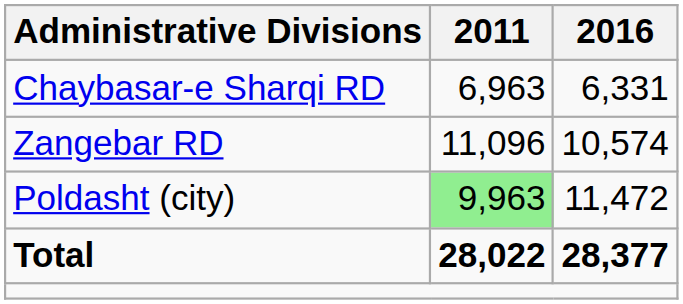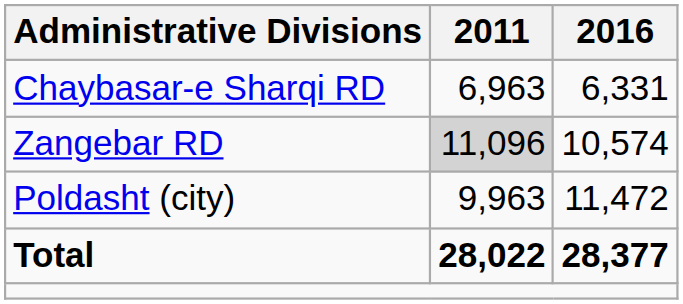 <table class="wikitable">
 <tr>
 <th>Administrative Divisions</th>
 <th>2011</th>
 <th>2016</th>
 </tr>
 <tr>
 <td><a href='#'>Chaybasar-e Sharqi RD</a></td>
 <td style="text-align: right;">6,963</td>
 <td style="text-align: right;">6,331</td>
 </tr>
 <tr>
 <td><a href='#'>Zangebar RD</a></td>
-<td style="text-align: right;">11,096</td>
+<td style="background: lightgrey; text-align: right;">11,096</td>
 <td style="text-align: right;">10,574</td>
 </tr>
 <tr>
 <td><a href='#'>Poldasht</a> (city)</td>
-<td style="background: lightgreen; text-align: right;">9,963</td>
+<td style="text-align: right;">9,963</td>
 <td style="text-align: right;">11,472</td>
 </tr>
 <tr>
 <td><strong>Total</strong></td>
 <td style="text-align: right;"><strong>28,022</strong></td>
 <td style="text-align: right;"><strong>28,377</strong></td>
 </tr>
 <tr>
 <td colspan=3></td>
 </tr>
 </table>
